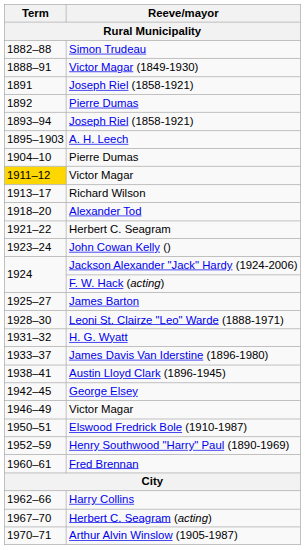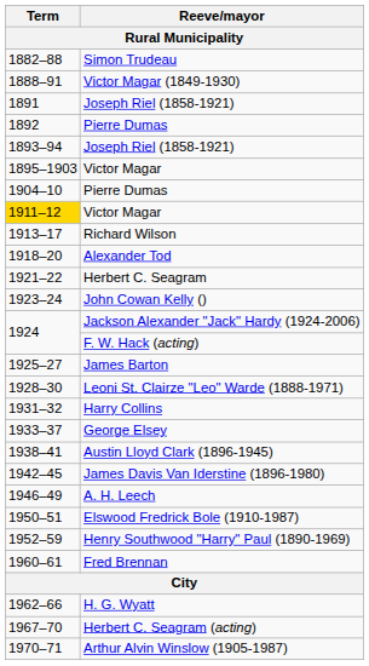 <table class="wikitable">
 <tr>
 <th>Term</th>
 <th>Reeve/mayor</th>
 </tr>
 <tr>
 <th colspan="2">Rural Municipality</th>
 </tr>
 <tr>
 <td>1882–88</td>
 <td><a href='#'>Simon Trudeau</a></td>
 </tr>
 <tr>
 <td>1888–91</td>
 <td><a href='#'>Victor Magar</a> (1849-1930)</td>
 </tr>
 <tr>
 <td>1891</td>
 <td><a href='#'>Joseph Riel</a> (1858-1921)</td>
 </tr>
 <tr>
 <td>1892</td>
 <td><a href='#'>Pierre Dumas</a></td>
 </tr>
 <tr>
 <td>1893–94</td>
 <td><a href='#'>Joseph Riel</a> (1858-1921)</td>
 </tr>
 <tr>
 <td>1895–1903</td>
-<td><a href='#'>A. H. Leech</a></td>
+<td>Victor Magar</td>
 </tr>
 <tr>
 <td>1904–10</td>
 <td>Pierre Dumas</td>
 </tr>
 <tr>
 <td style="background: gold;">1911–12</td>
 <td>Victor Magar</td>
 </tr>
 <tr>
 <td>1913–17</td>
 <td>Richard Wilson</td>
 </tr>
 <tr>
 <td>1918–20</td>
 <td><a href='#'>Alexander Tod</a></td>
 </tr>
 <tr>
 <td>1921–22</td>
 <td>Herbert C. Seagram</td>
 </tr>
 <tr>
 <td>1923–24</td>
 <td><a href='#'>John Cowan Kelly</a> ()</td>
 </tr>
 <tr>
 <td rowspan="2">1924</td>
 <td><a href='#'>Jackson Alexander "Jack" Hardy</a> (1924-2006)</td>
 </tr>
 <tr>
 <td><a href='#'>F. W. Hack</a> (<em>acting</em>)</td>
 </tr>
 <tr>
 <td>1925–27</td>
 <td><a href='#'>James Barton</a></td>
 </tr>
 <tr>
 <td>1928–30</td>
 <td><a href='#'>Leoni St. Clairze "Leo" Warde</a> (1888-1971)</td>
 </tr>
 <tr>
 <td>1931–32</td>
-<td><a href='#'>H. G. Wyatt</a></td>
+<td><a href='#'>Harry Collins</a></td>
 </tr>
 <tr>
 <td>1933–37</td>
-<td><a href='#'>James Davis Van Iderstine</a> (1896-1980)</td>
+<td><a href='#'>George Elsey</a></td>
 </tr>
 <tr>
 <td>1938–41</td>
 <td><a href='#'>Austin Lloyd Clark</a> (1896-1945)</td>
 </tr>
 <tr>
 <td>1942–45</td>
-<td><a href='#'>George Elsey</a></td>
+<td><a href='#'>James Davis Van Iderstine</a> (1896-1980)</td>
 </tr>
 <tr>
 <td>1946–49</td>
-<td>Victor Magar</td>
+<td><a href='#'>A. H. Leech</a></td>
 </tr>
 <tr>
 <td>1950–51</td>
 <td><a href='#'>Elswood Fredrick Bole</a> (1910-1987)</td>
 </tr>
 <tr>
 <td>1952–59</td>
 <td><a href='#'>Henry Southwood "Harry" Paul</a> (1890-1969)</td>
 </tr>
 <tr>
 <td>1960–61</td>
 <td><a href='#'>Fred Brennan</a></td>
 </tr>
 <tr>
 <th colspan="2">City</th>
 </tr>
 <tr>
 <td>1962–66</td>
-<td><a href='#'>Harry Collins</a></td>
+<td><a href='#'>H. G. Wyatt</a></td>
 </tr>
 <tr>
 <td>1967–70</td>
 <td><a href='#'>Herbert C. Seagram</a> (<em>acting</em>)</td>
 </tr>
 <tr>
 <td>1970–71</td>
 <td><a href='#'>Arthur Alvin Winslow</a> (1905-1987)</td>
 </tr>
 </table>
